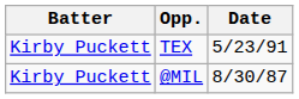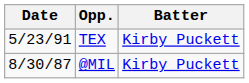 <table class="wikitable" style="font-size: 95%; text-align:left;">
 <tr>
+<th>Date</th>
+<th>Opp.</th>
 <th>Batter</th>
-<th>Opp.</th>
-<th>Date</th>
 </tr>
 <tr>
+<td>5/23/91</td>
+<td><a href='#'>TEX</a></td>
 <td align="center"><a href='#'>Kirby Puckett</a></td>
-<td><a href='#'>TEX</a></td>
-<td>5/23/91</td>
 </tr>
 <tr>
+<td>8/30/87</td>
+<td><a href='#'>@MIL</a></td>
 <td align="center"><a href='#'>Kirby Puckett</a></td>
-<td><a href='#'>@MIL</a></td>
-<td>8/30/87</td>
 </tr>
 </table>
